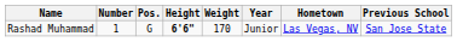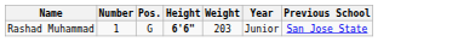 <table class="wikitable sortable" border="1" style="text-align:center;">
 <tr align=center>
 <th>Name</th>
 <th>Number</th>
 <th>Pos.</th>
 <th>Height</th>
 <th>Weight</th>
 <th>Year</th>
-<th>Hometown</th>
 <th>Previous School</th>
 </tr>
 <tr>
 <td>Rashad Muhammad</td>
 <td>1</td>
 <td>G</td>
 <td><strong>6'6"</strong></td>
-<td>170</td>
+<td>203</td>
 <td>Junior</td>
-<td><a href='#'>Las Vegas, NV</a></td>
 <td><a href='#'>San Jose State</a></td>
 </tr>
 </table>
